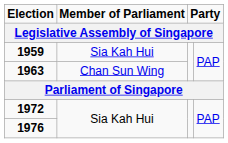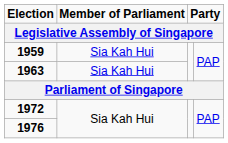 <table class="wikitable" align="center" style="text-align:center">
 <tr>
 <td><strong>Election </strong></td>
 <td><strong>Member of Parliament</strong></td>
 <td colspan="2"><strong>Party</strong></td>
 </tr>
 <tr>
 <th colspan="4"><a href='#'>Legislative Assembly of Singapore</a></th>
 </tr>
 <tr>
 <td><strong>1959</strong></td>
 <td><a href='#'>Sia Kah Hui</a></td>
 <td rowspan="2"></td>
 <td rowspan="2"><a href='#'>PAP</a></td>
 </tr>
 <tr>
 <td><strong>1963</strong></td>
-<td><a href='#'>Chan Sun Wing</a></td>
+<td><a href='#'>Sia Kah Hui</a></td>
 </tr>
 <tr>
 <th colspan="4"><a href='#'>Parliament of Singapore</a></th>
 </tr>
 <tr>
 <td><strong>1972</strong></td>
 <td rowspan="2">Sia Kah Hui</td>
 <td rowspan="2"></td>
 <td rowspan="2"><a href='#'>PAP</a></td>
 </tr>
 <tr>
 <td><strong>1976</strong></td>
 </tr>
 </table>
